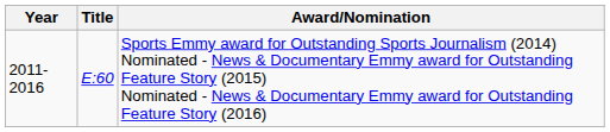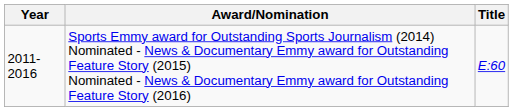 <table class="wikitable">
 <tr>
 <th>Year</th>
+<th>Award/Nomination</th>
 <th>Title</th>
-<th>Award/Nomination</th>
 </tr>
 <tr>
 <td>2011-2016</td>
+<td><a href='#'>Sports Emmy award for Outstanding Sports Journalism</a> (2014)<br>Nominated - <a href='#'>News & Documentary Emmy award for Outstanding Feature Story</a> (2015)<br>Nominated - <a href='#'>News & Documentary Emmy award for Outstanding Feature Story</a> (2016)</td>
 <td><em><a href='#'>E:60</a></em></td>
-<td><a href='#'>Sports Emmy award for Outstanding Sports Journalism</a> (2014)<br>Nominated - <a href='#'>News & Documentary Emmy award for Outstanding Feature Story</a> (2015)<br>Nominated - <a href='#'>News & Documentary Emmy award for Outstanding Feature Story</a> (2016)</td>
 </tr>
 </table>
